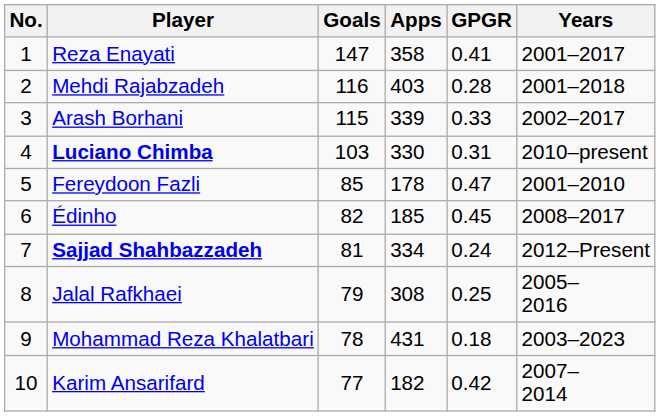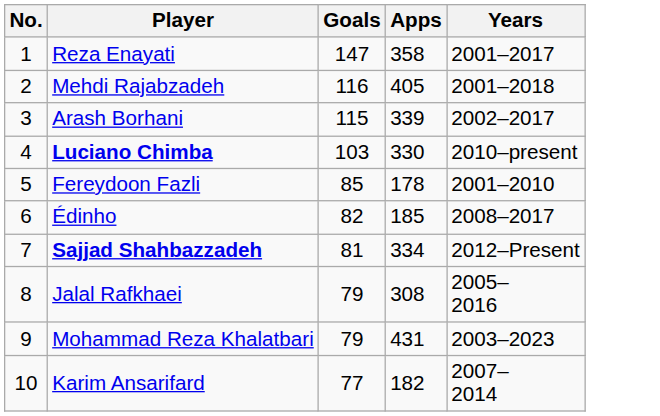 <table class="wikitable sortable" style="text-align:left;">
 <tr>
 <th>No.</th>
 <th>Player</th>
 <th>Goals</th>
 <th>Apps</th>
-<th>GPGR</th>
 <th>Years</th>
 </tr>
 <tr>
 <td style="text-align:center;">1</td>
 <td> <a href='#'>Reza Enayati</a></td>
 <td style="text-align:center;">147</td>
 <td>358</td>
-<td>0.41</td>
 <td>2001–2017</td>
 </tr>
 <tr>
 <td style="text-align:center;">2</td>
 <td> <a href='#'>Mehdi Rajabzadeh</a></td>
 <td style="text-align:center;">116</td>
-<td>403</td>
-<td>0.28</td>
+<td>405</td>
 <td>2001–2018</td>
 </tr>
 <tr>
 <td style="text-align:center;">3</td>
 <td> <a href='#'>Arash Borhani</a></td>
 <td style="text-align:center;">115</td>
 <td>339</td>
-<td>0.33</td>
 <td>2002–2017</td>
 </tr>
 <tr>
 <td style="text-align:center;">4</td>
 <td> <a href='#'><strong>Luciano Chimba</strong></a></td>
 <td align="center">103</td>
 <td>330</td>
-<td>0.31</td>
 <td>2010–present</td>
 </tr>
 <tr>
 <td style="text-align:center;">5</td>
 <td> <a href='#'>Fereydoon Fazli</a></td>
 <td style="text-align:center;">85</td>
 <td>178</td>
-<td>0.47</td>
 <td>2001–2010</td>
 </tr>
 <tr>
 <td style="text-align:center;">6</td>
 <td> <a href='#'>Édinho</a></td>
 <td align="center">82</td>
 <td>185</td>
-<td>0.45</td>
 <td>2008–2017</td>
 </tr>
 <tr>
 <td style="text-align:center;">7</td>
 <td> <strong><a href='#'>Sajjad Shahbazzadeh</a></strong></td>
 <td align="center">81</td>
 <td>334</td>
-<td>0.24</td>
 <td>2012–Present</td>
 </tr>
 <tr>
 <td style="text-align:center;">8</td>
 <td><strong></strong> <a href='#'>Jalal Rafkhaei</a></td>
 <td align="center">79</td>
 <td>308</td>
-<td>0.25</td>
 <td>2005–<br>2016</td>
 </tr>
 <tr>
 <td style="text-align:center;">9</td>
 <td> <a href='#'>Mohammad Reza Khalatbari</a></td>
-<td style="text-align:center;">78</td>
+<td style="text-align:center;">79</td>
 <td>431</td>
-<td>0.18</td>
 <td>2003–2023</td>
 </tr>
 <tr>
 <td style="text-align:center;">10</td>
 <td> <a href='#'>Karim Ansarifard</a></td>
 <td align="center">77</td>
 <td>182</td>
-<td>0.42</td>
 <td>2007–<br>2014</td>
 </tr>
 </table>
